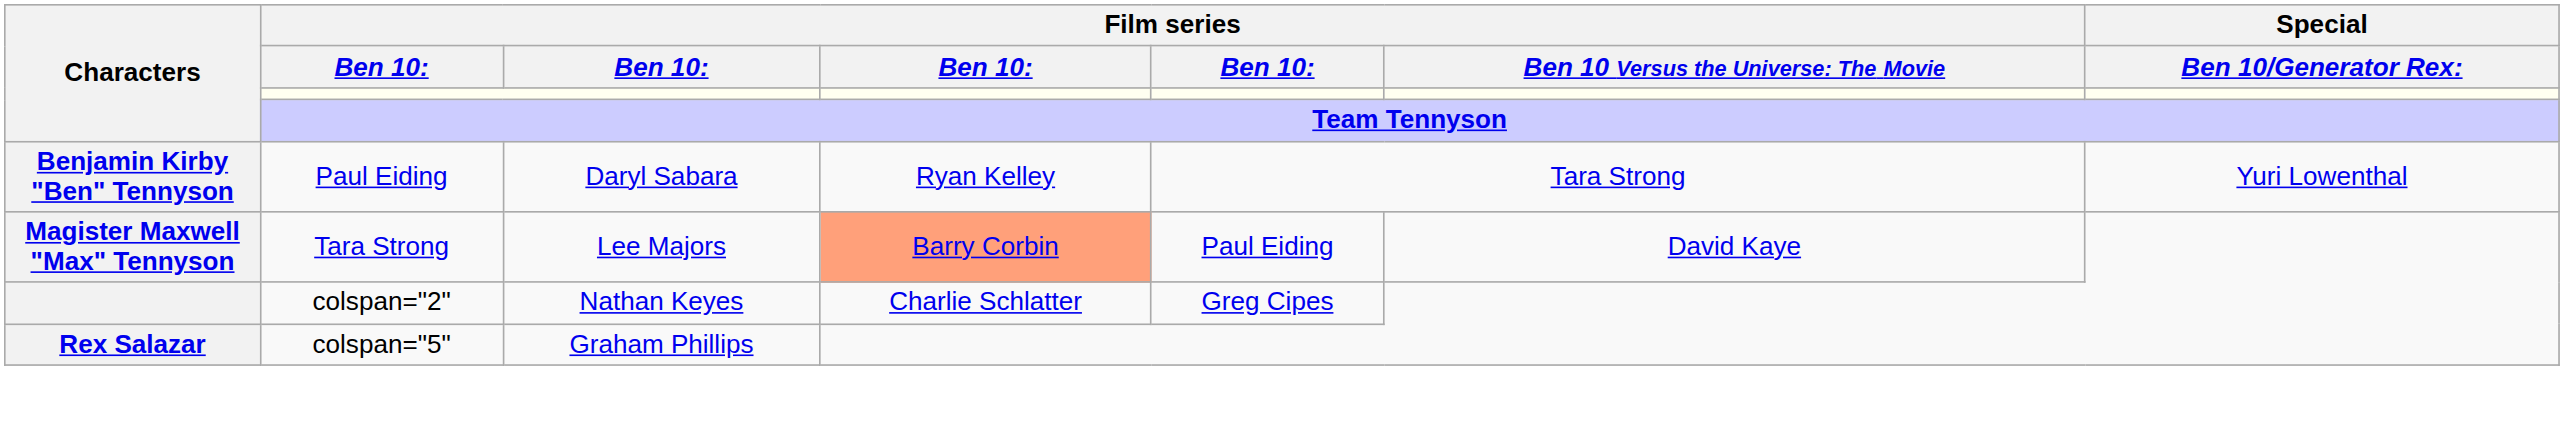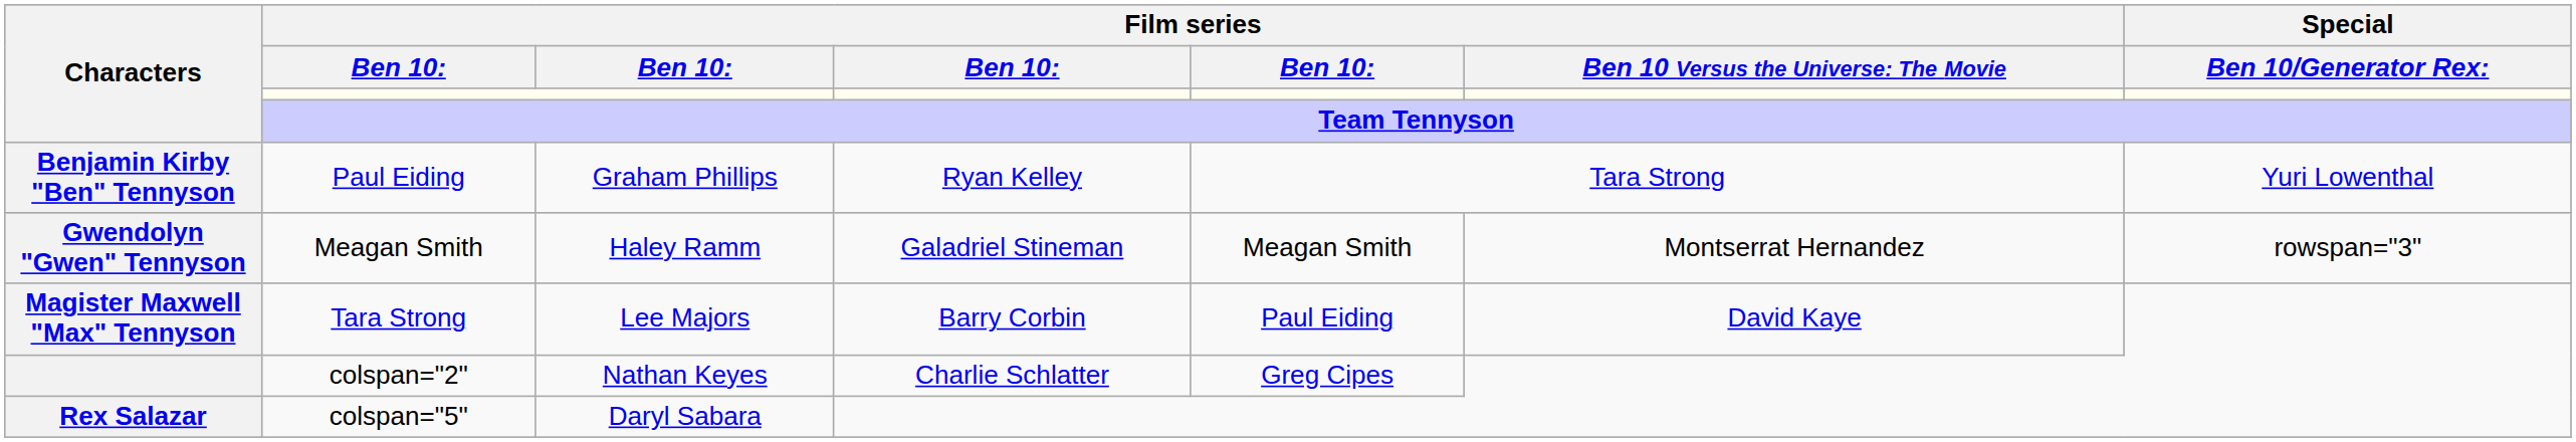 <table class="wikitable" style="text-align:center;">
 <tr>
 <th scope="col" rowspan="4" width="10%">Characters</th>
 <th scope="col" colspan="5">Film series</th>
 <th scope="col">Special</th>
 </tr>
 <tr>
 <th scope="col"><a href='#'><em>Ben 10:<br></em></a></th>
 <th scope="col"><a href='#'><em>Ben 10:<br></em></a></th>
 <th scope="col"><a href='#'><em>Ben 10:<br></em></a></th>
 <th scope="col"><a href='#'><em>Ben 10:<br></em></a></th>
 <th scope="col"><a href='#'><em>Ben 10 <small>Versus the Universe: The</small></em> <small><em>Movie</em></small></a></th>
 <th scope="col"><a href='#'><em>Ben 10/Generator Rex:<br></em></a></th>
 </tr>
 <tr>
 <th colspan="2" style="background:ivory;"></th>
 <th style="background:ivory;"></th>
 <th style="background:ivory;"></th>
 <th style="background:ivory;"></th>
 <th style="background:ivory;"></th>
 </tr>
 <tr>
 <th colspan="6" style="background-color:#ccccff;"><a href='#'>Team Tennyson</a></th>
 </tr>
 <tr>
 <th scope="row"><a href='#'>Benjamin Kirby "Ben" Tennyson<br></a></th>
 <td><a href='#'>Paul Eiding</a></td>
-<td><a href='#'>Daryl Sabara</a></td>
+<td><a href='#'>Graham Phillips</a></td>
 <td><a href='#'>Ryan Kelley</a></td>
 <td colspan="2"><a href='#'>Tara Strong</a></td>
 <td><a href='#'>Yuri Lowenthal</a></td>
 </tr>
 <tr>
+<th scope="row"><a href='#'>Gwendolyn "Gwen" Tennyson<br></a></th>
+<td>Meagan Smith</td>
+<td><a href='#'>Haley Ramm</a></td>
+<td><a href='#'>Galadriel Stineman</a></td>
+<td>Meagan Smith</td>
+<td>Montserrat Hernandez</td>
+<td>rowspan="3" </td>
+</tr>
+<tr>
 <th scope="row"><a href='#'>Magister Maxwell "Max" Tennyson<br></a></th>
 <td><a href='#'>Tara Strong</a></td>
 <td><a href='#'>Lee Majors</a></td>
-<td style="background: lightsalmon;"><a href='#'>Barry Corbin</a></td>
+<td><a href='#'>Barry Corbin</a></td>
 <td><a href='#'>Paul Eiding</a></td>
 <td><a href='#'>David Kaye</a></td>
 </tr>
 <tr>
 <th scope="row"><a href='#'><br></a></th>
 <td>colspan="2" </td>
 <td><a href='#'>Nathan Keyes</a></td>
 <td><a href='#'>Charlie Schlatter</a></td>
 <td><a href='#'>Greg Cipes</a></td>
 </tr>
 <tr>
 <th scope="row"><a href='#'>Rex Salazar</a></th>
 <td>colspan="5" </td>
-<td><a href='#'>Graham Phillips</a></td>
+<td><a href='#'>Daryl Sabara</a></td>
 </tr>
 </table>
